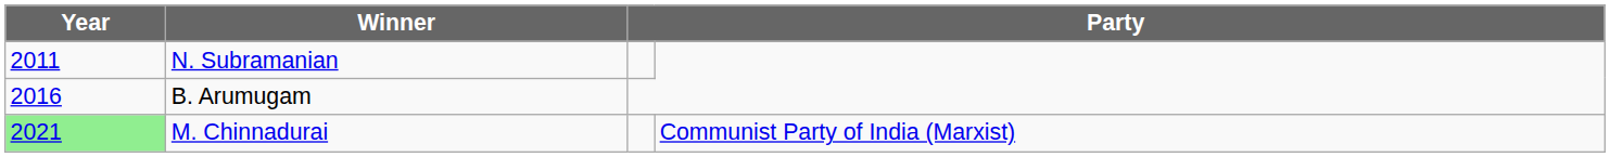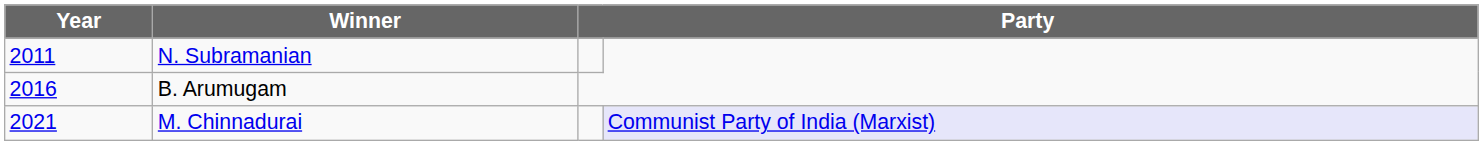 <table class="wikitable" width="70%">
 <tr>
 <th style="background-color:#666666; color:white">Year</th>
 <th style="background-color:#666666; color:white">Winner</th>
 <th style="background-color:#666666; color:white" colspan="2">Party</th>
 </tr>
 <tr>
 <td><a href='#'>2011</a></td>
 <td><a href='#'>N. Subramanian</a></td>
 <td></td>
 </tr>
 <tr>
 <td><a href='#'>2016</a></td>
 <td>B. Arumugam</td>
 </tr>
 <tr>
-<td style="background: lightgreen;"><a href='#'>2021</a></td>
+<td><a href='#'>2021</a></td>
 <td><a href='#'>M. Chinnadurai</a></td>
 <td></td>
-<td><a href='#'>Communist Party of India (Marxist)</a></td>
+<td style="background: lavender;"><a href='#'>Communist Party of India (Marxist)</a></td>
 </tr>
 </table>
